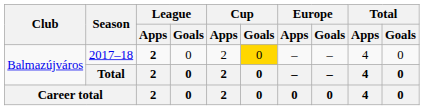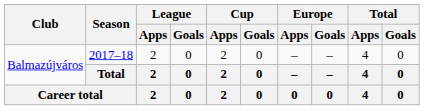 <table class="wikitable" style="text-align: center">
 <tr>
 <th rowspan="2">Club</th>
 <th rowspan="2">Season</th>
 <th colspan="2">League</th>
 <th colspan="2">Cup</th>
 <th colspan="2">Europe</th>
 <th colspan="2">Total</th>
 </tr>
 <tr>
 <th>Apps</th>
 <th>Goals</th>
 <th>Apps</th>
 <th>Goals</th>
 <th>Apps</th>
 <th>Goals</th>
 <th>Apps</th>
 <th>Goals</th>
 </tr>
 <tr>
 <td rowspan="2"><a href='#'>Balmazújváros</a></td>
 <td><a href='#'>2017–18</a></td>
-<td><strong>2</strong></td>
+<td>2</td>
 <td>0</td>
 <td>2</td>
-<td style="background: gold;">0</td>
+<td>0</td>
 <td>–</td>
 <td>–</td>
 <td>4</td>
 <td>0</td>
 </tr>
 <tr>
 <th>Total</th>
 <th>2</th>
 <th>0</th>
 <th>2</th>
 <th>0</th>
 <th>–</th>
 <th>–</th>
 <th>4</th>
 <th>0</th>
 </tr>
 <tr>
 <th colspan="2">Career total</th>
 <th>2</th>
 <th>0</th>
 <th>2</th>
 <th>0</th>
 <th>0</th>
 <th>0</th>
 <th>4</th>
 <th>0</th>
 </tr>
 </table>
